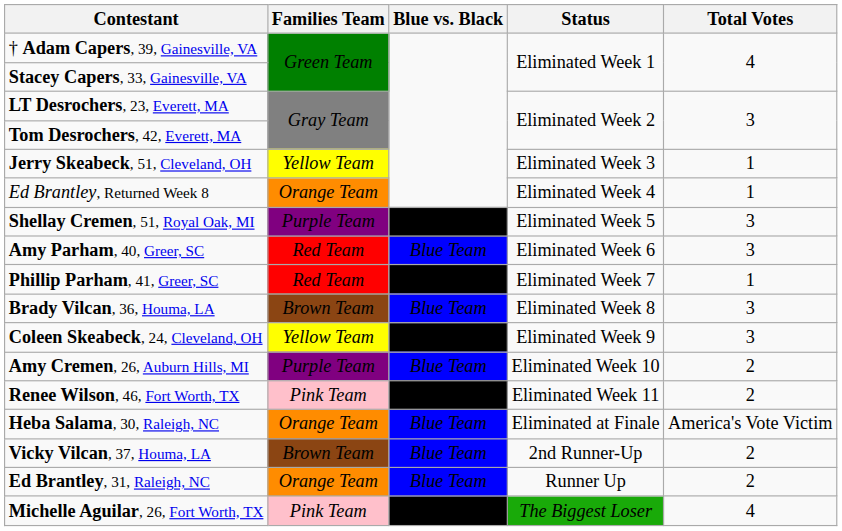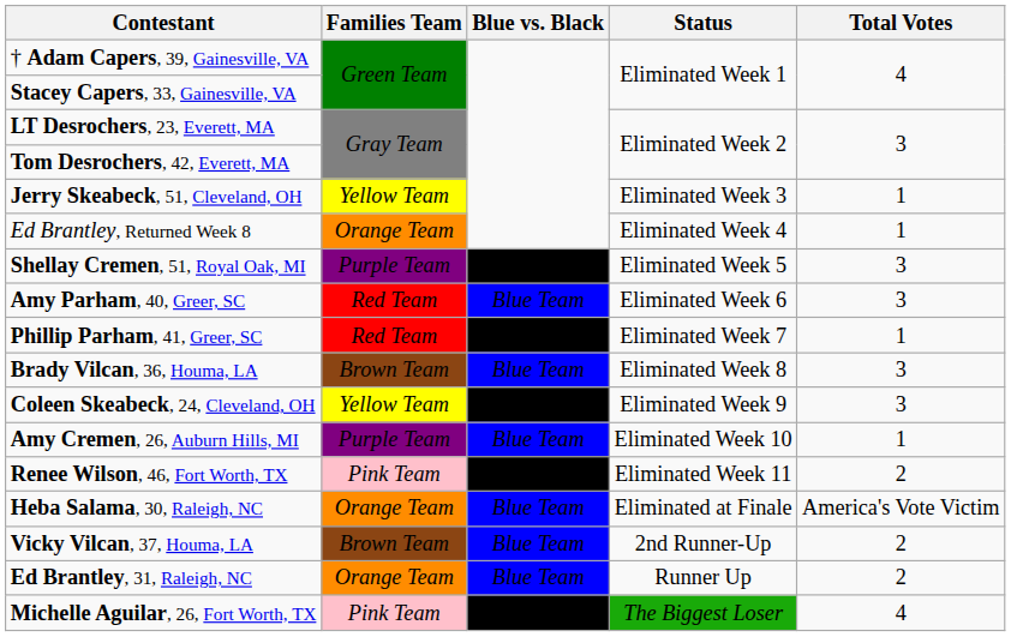 <table class="wikitable sortable" align="center" style="text-align:center">
 <tr>
 <th>Contestant</th>
 <th>Families Team</th>
 <th>Blue vs. Black</th>
 <th>Status</th>
 <th>Total Votes</th>
 </tr>
 <tr>
 <td align="left">† <strong>Adam Capers</strong><small>, 39, <a href='#'>Gainesville, VA</a></small></td>
 <td bgcolor="green" rowspan=2><span><em>Green Team</em></span></td>
 <td rowspan=6></td>
 <td rowspan=2>Eliminated Week 1</td>
 <td rowspan=2>4</td>
 </tr>
 <tr>
 <td align="left"><strong>Stacey Capers</strong><small>, 33, <a href='#'>Gainesville, VA</a></small></td>
 </tr>
 <tr>
 <td align="left"><strong>LT Desrochers</strong><small>, 23, <a href='#'>Everett, MA</a></small></td>
 <td bgcolor="gray" rowspan=2><em>Gray Team</em></td>
 <td rowspan=2>Eliminated Week 2</td>
 <td rowspan=2>3</td>
 </tr>
 <tr>
 <td align="left"><strong>Tom Desrochers</strong><small>, 42, <a href='#'>Everett, MA</a></small></td>
 </tr>
 <tr>
 <td align="left"><strong>Jerry Skeabeck</strong><small>, 51, <a href='#'>Cleveland, OH</a></small></td>
 <td bgcolor="yellow"><em>Yellow Team</em></td>
 <td>Eliminated Week 3</td>
 <td>1</td>
 </tr>
 <tr>
 <td align="left"><em>Ed Brantley</em><small>, Returned Week 8</small></td>
 <td bgcolor="darkorange"><em>Orange Team</em></td>
 <td>Eliminated Week 4</td>
 <td>1</td>
 </tr>
 <tr>
 <td align="left"><strong>Shellay Cremen</strong><small>, 51, <a href='#'>Royal Oak, MI</a></small></td>
 <td bgcolor="purple"><span><em>Purple Team</em></span></td>
 <td bgcolor="black"><span><em>Black Team</em></span></td>
 <td>Eliminated Week 5</td>
 <td>3</td>
 </tr>
 <tr>
 <td align="left"><strong>Amy Parham</strong><small>, 40, <a href='#'>Greer, SC</a></small></td>
 <td bgcolor="red"><span><em>Red Team</em></span></td>
 <td bgcolor="blue"><span><em>Blue Team</em></span></td>
 <td>Eliminated Week 6</td>
 <td>3</td>
 </tr>
 <tr>
 <td align="left"><strong>Phillip Parham</strong><small>, 41, <a href='#'>Greer, SC</a></small></td>
 <td bgcolor="red"><span><em>Red Team</em></span></td>
 <td bgcolor="black"><span><em>Black Team</em></span></td>
 <td>Eliminated Week 7</td>
 <td>1</td>
 </tr>
 <tr>
 <td align="left"><strong>Brady Vilcan</strong><small>, 36, <a href='#'>Houma, LA</a></small></td>
 <td bgcolor="saddlebrown"><span><em>Brown Team</em></span></td>
 <td bgcolor="blue"><span><em>Blue Team</em></span></td>
 <td>Eliminated Week 8</td>
 <td>3</td>
 </tr>
 <tr>
 <td align="left"><strong>Coleen Skeabeck</strong><small>, 24, <a href='#'>Cleveland, OH</a></small></td>
 <td bgcolor="yellow"><em>Yellow Team</em></td>
 <td bgcolor="black"><span><em>Black Team</em></span></td>
 <td>Eliminated Week 9</td>
 <td>3</td>
 </tr>
 <tr>
 <td align="left"><strong>Amy Cremen</strong><small>, 26, <a href='#'>Auburn Hills, MI</a></small></td>
 <td bgcolor="purple"><span><em>Purple Team</em></span></td>
 <td bgcolor="blue"><span><em>Blue Team</em></span></td>
 <td>Eliminated Week 10</td>
-<td>2</td>
+<td>1</td>
 </tr>
 <tr>
 <td align="left"><strong>Renee Wilson</strong><small>, 46, <a href='#'>Fort Worth, TX</a></small></td>
 <td bgcolor="pink"><em>Pink Team</em></td>
 <td bgcolor="black"><span><em>Black Team</em></span></td>
 <td>Eliminated Week 11</td>
 <td>2</td>
 </tr>
 <tr>
 <td align="left"><strong>Heba Salama</strong><small>, 30, <a href='#'>Raleigh, NC</a></small></td>
 <td bgcolor="darkorange"><em>Orange Team</em></td>
 <td bgcolor="blue"><span><em>Blue Team</em></span></td>
 <td>Eliminated at Finale</td>
 <td>America's Vote Victim</td>
 </tr>
 <tr>
 <td align="left"><strong>Vicky Vilcan</strong><small>, 37, <a href='#'>Houma, LA</a></small></td>
 <td bgcolor="saddlebrown"><span><em>Brown Team</em></span></td>
 <td bgcolor="blue"><span><em>Blue Team</em></span></td>
 <td>2nd Runner-Up</td>
 <td>2</td>
 </tr>
 <tr>
 <td align="left"><strong>Ed Brantley</strong><small>, 31, <a href='#'>Raleigh, NC</a></small></td>
 <td bgcolor="darkorange"><em>Orange Team</em></td>
 <td bgcolor="blue"><span><em>Blue Team</em></span></td>
 <td>Runner Up</td>
 <td>2</td>
 </tr>
 <tr>
 <td align="left"><strong>Michelle Aguilar</strong><small>, 26, <a href='#'>Fort Worth, TX</a></small></td>
 <td bgcolor="pink"><em>Pink Team</em></td>
 <td bgcolor="black"><span><em>Black Team</em></span></td>
 <td bgcolor="#19aa09"><em>The Biggest Loser</em></td>
 <td>4</td>
 </tr>
 </table>
